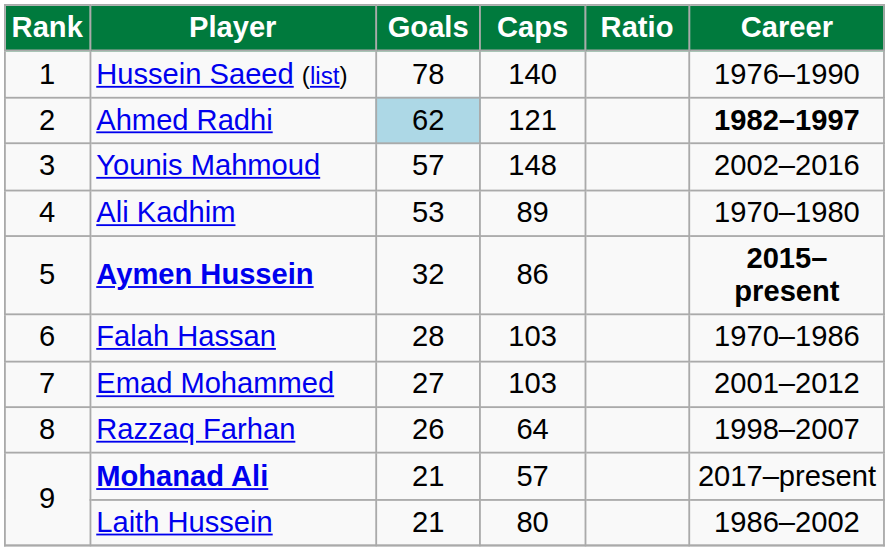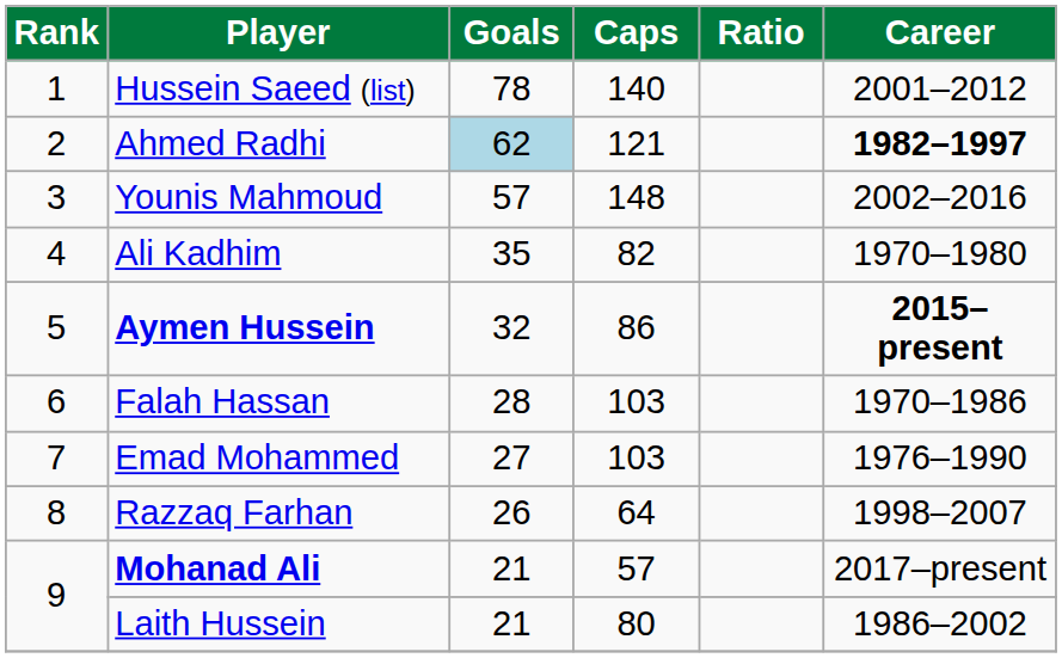 <table class="wikitable sortable" style="text-align:center;">
 <tr>
 <th width="30px" style="background: #007A3D; color: #FFFFFF;">Rank</th>
 <th width="150px" style="background: #007A3D; color: #FFFFFF;">Player</th>
 <th width="50px" style="background: #007A3D; color: #FFFFFF;">Goals</th>
 <th width="50px" style="background: #007A3D; color: #FFFFFF;">Caps</th>
 <th width="50px" style="background: #007A3D; color: #FFFFFF;">Ratio</th>
 <th width="100px" style="background: #007A3D; color: #FFFFFF;">Career</th>
 </tr>
 <tr>
 <td>1</td>
 <td align=left><a href='#'>Hussein Saeed</a> <small>(<a href='#'>list</a>)</small></td>
 <td>78</td>
 <td>140</td>
 <td></td>
-<td>1976–1990</td>
+<td>2001–2012</td>
 </tr>
 <tr>
 <td>2</td>
 <td align=left><a href='#'>Ahmed Radhi</a></td>
 <td style="background: lightblue;">62</td>
 <td>121</td>
 <td></td>
 <td><strong>1982–1997</strong></td>
 </tr>
 <tr>
 <td>3</td>
 <td align=left><a href='#'>Younis Mahmoud</a></td>
 <td>57</td>
 <td>148</td>
 <td></td>
 <td>2002–2016</td>
 </tr>
 <tr>
 <td>4</td>
 <td align=left><a href='#'>Ali Kadhim</a></td>
-<td>53</td>
-<td>89</td>
+<td>35</td>
+<td>82</td>
 <td></td>
 <td>1970–1980</td>
 </tr>
 <tr>
 <td>5</td>
 <td align=left><strong><a href='#'>Aymen Hussein</a></strong></td>
 <td>32</td>
 <td>86</td>
 <td></td>
 <td><strong>2015–present</strong></td>
 </tr>
 <tr>
 <td>6</td>
 <td align=left><a href='#'>Falah Hassan</a></td>
 <td>28</td>
 <td>103</td>
 <td></td>
 <td>1970–1986</td>
 </tr>
 <tr>
 <td>7</td>
 <td align=left><a href='#'>Emad Mohammed</a></td>
 <td>27</td>
 <td>103</td>
 <td></td>
-<td>2001–2012</td>
+<td>1976–1990</td>
 </tr>
 <tr>
 <td>8</td>
 <td align=left><a href='#'>Razzaq Farhan</a></td>
 <td>26</td>
 <td>64</td>
 <td></td>
 <td>1998–2007</td>
 </tr>
 <tr>
 <td rowspan=2>9</td>
 <td align=left><strong><a href='#'>Mohanad Ali</a></strong></td>
 <td>21</td>
 <td>57</td>
 <td></td>
 <td>2017–present</td>
 </tr>
 <tr>
 <td align=left><a href='#'>Laith Hussein</a></td>
 <td>21</td>
 <td>80</td>
 <td></td>
 <td>1986–2002</td>
 </tr>
 <tr>
 </tr>
 </table>
